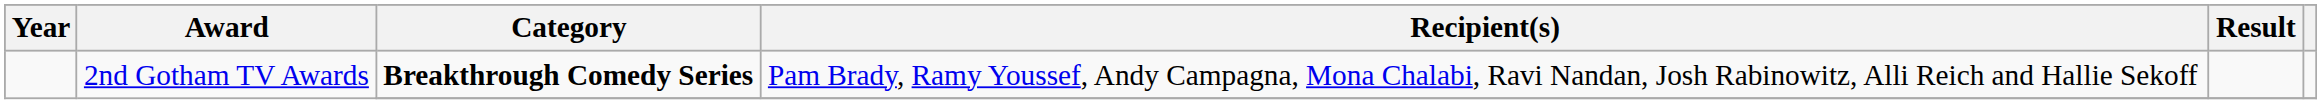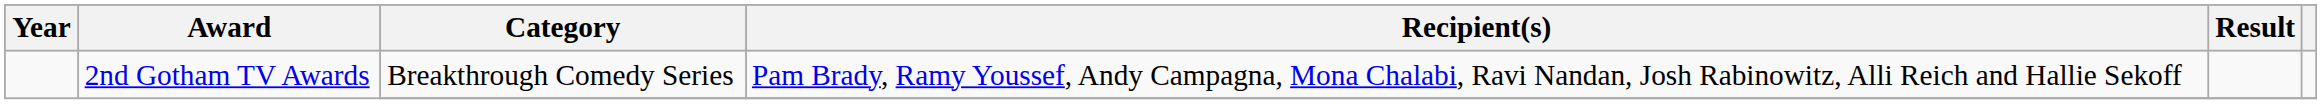 <table class="wikitable sortable plainrowheaders" style="width: 100%;">
 <tr>
 <th scope="col">Year</th>
 <th scope="col">Award</th>
 <th scope="col">Category</th>
 <th scope="col">Recipient(s)</th>
 <th scope="col">Result</th>
 <th scope="col" class="unsortable"></th>
 </tr>
 <tr>
 <td rowspan="2"></td>
 <td rowspan="2"><a href='#'>2nd Gotham TV Awards</a></td>
-<td><strong>Breakthrough Comedy Series</strong></td>
+<td>Breakthrough Comedy Series</td>
 <td><a href='#'>Pam Brady</a>, <a href='#'>Ramy Youssef</a>, Andy Campagna, <a href='#'>Mona Chalabi</a>, Ravi Nandan, Josh Rabinowitz, Alli Reich and Hallie Sekoff</td>
 <td></td>
 <td align="center" rowspan="1"></td>
 </tr>
 <tr>
 </tr>
 </table>
